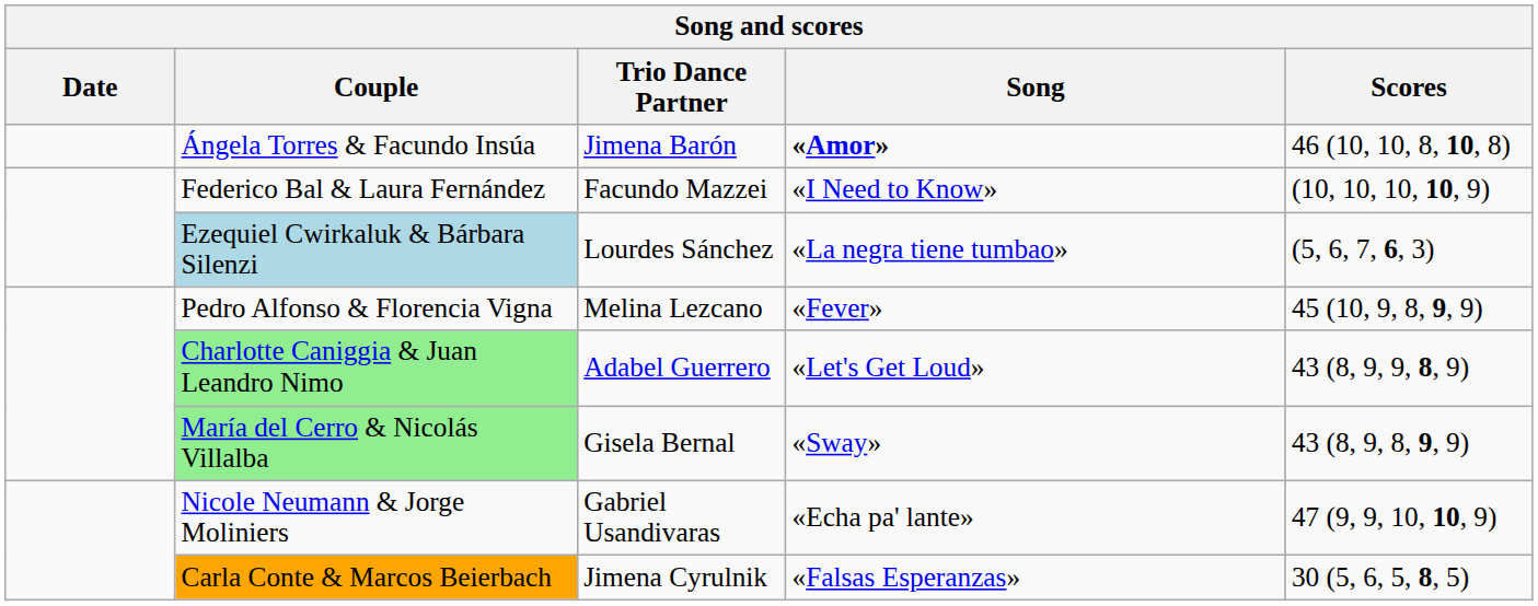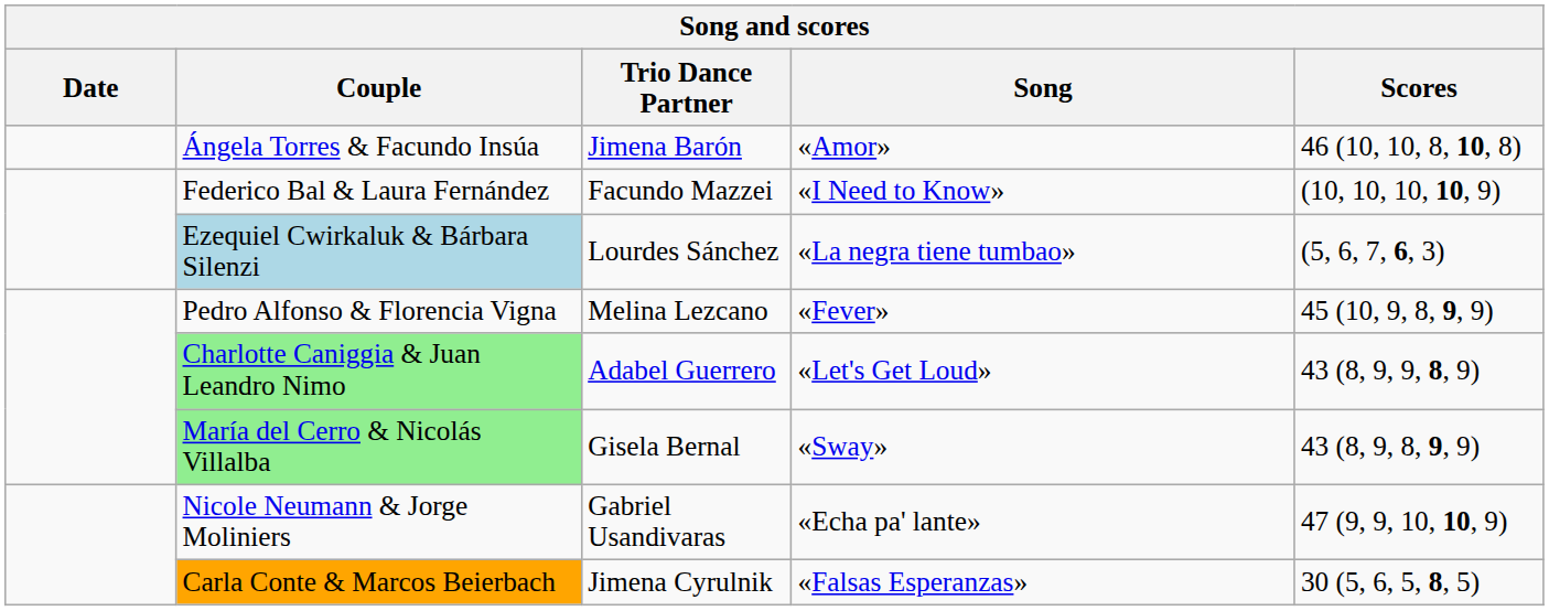 <table class="wikitable collapsible collapsed" style=" text-align: align; width: 100%;">
 <tr>
 <th colspan="11" style="with: 100%;" align="center">Song and scores</th>
 </tr>
 <tr>
 <th width=80>Date</th>
 <th width=200>Couple</th>
 <th width=100>Trio Dance Partner</th>
 <th width=250>Song</th>
 <th width=120>Scores</th>
 </tr>
 <tr>
 <td rowspan="1"></td>
 <td bgcolor=""><a href='#'>Ángela Torres</a> & Facundo Insúa</td>
 <td bgcolor=""><a href='#'>Jimena Barón</a></td>
-<td><strong>«<a href='#'>Amor</a>» </strong></td>
+<td>«<a href='#'>Amor</a>» </td>
 <td>46 (10, 10, 8, <strong>10</strong>, 8)</td>
 </tr>
 <tr>
 <td rowspan="2"></td>
 <td bgcolor="">Federico Bal & Laura Fernández</td>
 <td bgcolor="">Facundo Mazzei</td>
 <td>«<a href='#'>I Need to Know</a>» </td>
 <td> (10, 10, 10, <strong>10</strong>, 9)</td>
 </tr>
 <tr>
 <td bgcolor="lightblue">Ezequiel Cwirkaluk & Bárbara Silenzi</td>
 <td bgcolor="">Lourdes Sánchez</td>
 <td>«<a href='#'>La negra tiene tumbao</a>» </td>
 <td> (5, 6, 7, <strong>6</strong>, 3)</td>
 </tr>
 <tr>
 <td rowspan="3"></td>
 <td bgcolor="">Pedro Alfonso & Florencia Vigna</td>
 <td bgcolor="">Melina Lezcano</td>
 <td>«<a href='#'>Fever</a>» </td>
 <td>45 (10, 9, 8, <strong>9</strong>, 9)</td>
 </tr>
 <tr>
 <td bgcolor="lightgreen"><a href='#'>Charlotte Caniggia</a> & Juan Leandro Nimo</td>
 <td bgcolor=""><a href='#'>Adabel Guerrero</a></td>
 <td>«<a href='#'>Let's Get Loud</a>» </td>
 <td>43 (8, 9, 9, <strong>8</strong>, 9)</td>
 </tr>
 <tr>
 <td bgcolor="lightgreen"><a href='#'>María del Cerro</a> & Nicolás Villalba</td>
 <td bgcolor="">Gisela Bernal</td>
 <td>«<a href='#'>Sway</a>» </td>
 <td>43 (8, 9, 8, <strong>9</strong>, 9)</td>
 </tr>
 <tr>
 <td rowspan="2"></td>
 <td bgcolor=""><a href='#'>Nicole Neumann</a> & Jorge Moliniers</td>
 <td bgcolor="">Gabriel Usandivaras</td>
 <td>«Echa pa' lante» </td>
 <td>47 (9, 9, 10, <strong>10</strong>, 9)</td>
 </tr>
 <tr>
 <td bgcolor="orange">Carla Conte & Marcos Beierbach</td>
 <td bgcolor="">Jimena Cyrulnik</td>
 <td>«<a href='#'>Falsas Esperanzas</a>» </td>
 <td>30 (5, 6, 5, <strong>8</strong>, 5)</td>
 </tr>
 </table>
